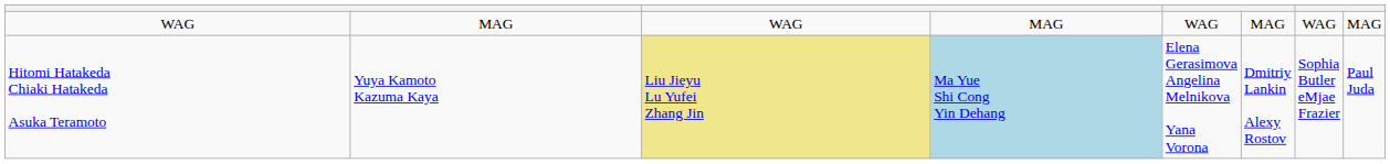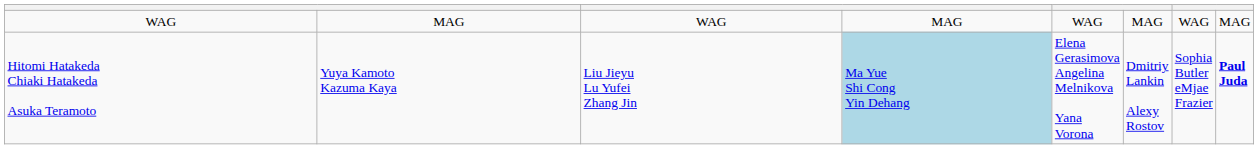 <table style="width:75%;" class="wikitable">
 <tr>
 <th colspan="2" style="text-align:center; width:55%;"></th>
 <th colspan="2" style="text-align:center; width:55%;"></th>
 <th colspan="2" style="text-align:center; width:55%;"></th>
 <th colspan="2" style="text-align:center; width:55%;"></th>
 </tr>
 <tr align=center>
 <td>WAG</td>
 <td>MAG</td>
 <td>WAG</td>
 <td>MAG</td>
 <td>WAG</td>
 <td>MAG</td>
 <td>WAG</td>
 <td>MAG</td>
 </tr>
 <tr>
 <td><a href='#'>Hitomi Hatakeda</a><br><a href='#'>Chiaki Hatakeda</a><br><br><a href='#'>Asuka Teramoto</a></td>
 <td><a href='#'>Yuya Kamoto</a><br><a href='#'>Kazuma Kaya</a><br><br></td>
-<td style="background: khaki;"><a href='#'>Liu Jieyu</a><br><a href='#'>Lu Yufei</a><br><a href='#'>Zhang Jin</a><br></td>
+<td><a href='#'>Liu Jieyu</a><br><a href='#'>Lu Yufei</a><br><a href='#'>Zhang Jin</a><br></td>
 <td style="background: lightblue;"><a href='#'>Ma Yue</a><br><a href='#'>Shi Cong</a><br><a href='#'>Yin Dehang</a><br></td>
 <td><a href='#'>Elena Gerasimova</a><br><a href='#'>Angelina Melnikova</a><br><br><a href='#'>Yana Vorona</a></td>
 <td><br><a href='#'>Dmitriy Lankin</a><br><br><a href='#'>Alexy Rostov</a></td>
 <td><a href='#'>Sophia Butler</a><br><a href='#'>eMjae Frazier</a><br><br></td>
-<td><a href='#'>Paul Juda</a><br><br><br></td>
+<td><strong><a href='#'>Paul Juda</a><br><br><br></strong></td>
 </tr>
 </table>
